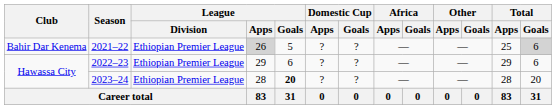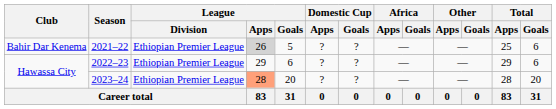 <table class="wikitable" style="text-align:center">
 <tr>
 <th rowspan="2">Club</th>
 <th rowspan="2">Season</th>
 <th colspan="3">League</th>
 <th colspan="2">Domestic Cup</th>
 <th colspan="2">Africa</th>
 <th colspan="2">Other</th>
 <th colspan="2">Total</th>
 </tr>
 <tr>
 <th>Division</th>
 <th>Apps</th>
 <th>Goals</th>
 <th>Apps</th>
 <th>Goals</th>
 <th>Apps</th>
 <th>Goals</th>
 <th>Apps</th>
 <th>Goals</th>
 <th>Apps</th>
 <th>Goals</th>
 </tr>
 <tr>
 <td rowspan="1"><a href='#'>Bahir Dar Kenema</a></td>
 <td><a href='#'>2021–22</a></td>
 <td><a href='#'>Ethiopian Premier League</a></td>
 <td style="background: lightgrey;">26</td>
 <td>5</td>
 <td>?</td>
 <td>?</td>
 <td colspan="2">—</td>
 <td colspan="2">—</td>
 <td>25</td>
-<td style="background: lightgrey;">6</td>
+<td>6</td>
 </tr>
 <tr>
 <td rowspan="2"><a href='#'>Hawassa City</a></td>
 <td><a href='#'>2022–23</a></td>
 <td><a href='#'>Ethiopian Premier League</a></td>
 <td>29</td>
 <td>6</td>
 <td>?</td>
 <td>?</td>
 <td colspan="2">—</td>
 <td colspan="2">—</td>
 <td>29</td>
 <td>6</td>
 </tr>
 <tr>
 <td><a href='#'>2023–24</a></td>
 <td><a href='#'>Ethiopian Premier League</a></td>
-<td>28</td>
-<td><strong>20</strong></td>
+<td style="background: lightsalmon;">28</td>
+<td>20</td>
 <td>?</td>
 <td>?</td>
 <td colspan="2">—</td>
 <td colspan="2">—</td>
 <td>28</td>
 <td>20</td>
 </tr>
 <tr>
 <th colspan="3">Career total</th>
 <th>83</th>
 <th>31</th>
 <th>0</th>
 <th>0</th>
 <th>0</th>
 <th>0</th>
 <th>0</th>
 <th>0</th>
 <th>83</th>
 <th>31</th>
 </tr>
 </table>
